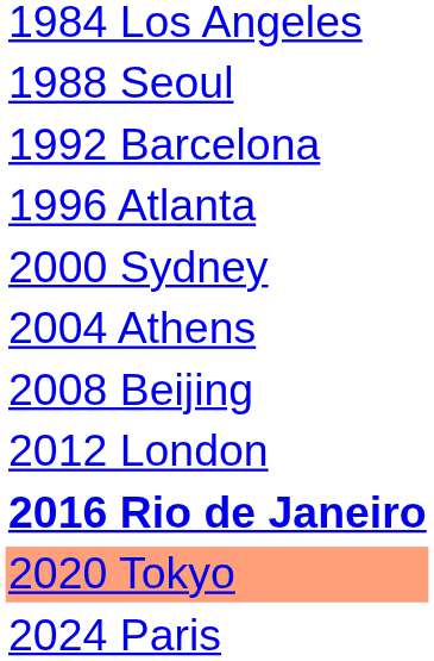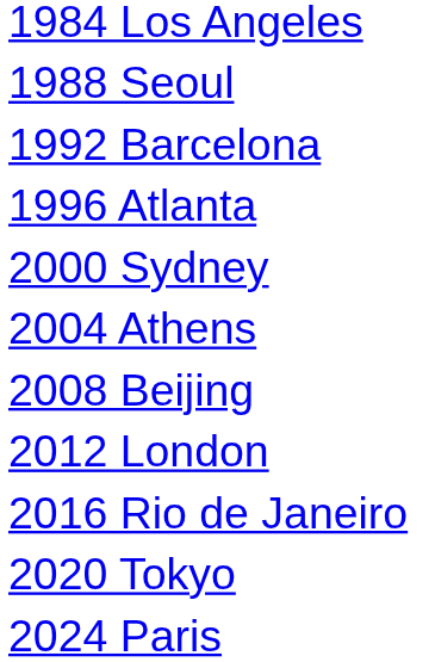 <table>
 <tr>
 <td><a href='#'>1984 Los Angeles</a><br></td>
 <td></td>
 <td></td>
 <td></td>
 </tr>
 <tr>
 <td><a href='#'>1988 Seoul</a><br></td>
 <td></td>
 <td></td>
 <td></td>
 </tr>
 <tr>
 <td><a href='#'>1992 Barcelona</a><br></td>
 <td></td>
 <td></td>
 <td></td>
 </tr>
 <tr>
 <td><a href='#'>1996 Atlanta</a><br></td>
 <td></td>
 <td></td>
 <td></td>
 </tr>
 <tr>
 <td><a href='#'>2000 Sydney</a><br></td>
 <td></td>
 <td></td>
 <td></td>
 </tr>
 <tr>
 <td><a href='#'>2004 Athens</a><br></td>
 <td></td>
 <td></td>
 <td></td>
 </tr>
 <tr>
 <td><a href='#'>2008 Beijing</a><br></td>
 <td></td>
 <td></td>
 <td></td>
 </tr>
 <tr>
 <td><a href='#'>2012 London</a><br></td>
 <td></td>
 <td></td>
 <td></td>
 </tr>
 <tr>
-<td><strong><a href='#'>2016 Rio de Janeiro</a><br></strong></td>
+<td><a href='#'>2016 Rio de Janeiro</a><br></td>
 <td></td>
 <td></td>
 <td></td>
 </tr>
 <tr>
-<td style="background: lightsalmon;"><a href='#'>2020 Tokyo</a><br></td>
+<td><a href='#'>2020 Tokyo</a><br></td>
 <td></td>
 <td></td>
 <td></td>
 </tr>
 <tr>
 <td><a href='#'>2024 Paris</a><br></td>
 <td></td>
 <td></td>
 <td></td>
 </tr>
 <tr>
 </tr>
 </table>
